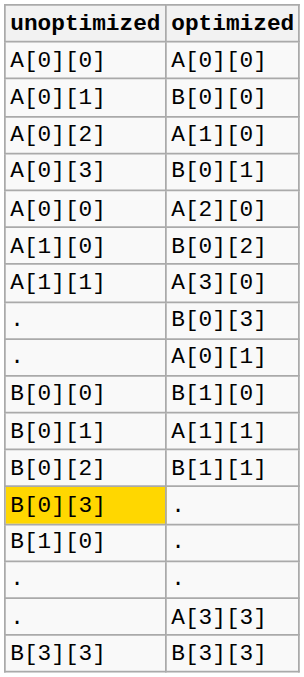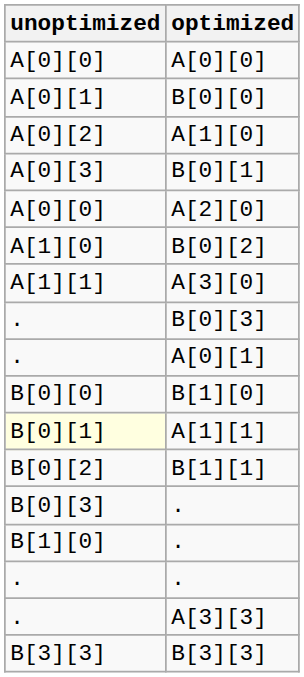 <table class="wikitable">
 <tr>
 <th>unoptimized</th>
 <th>optimized</th>
 </tr>
 <tr>
 <td>A[0][0]</td>
 <td>A[0][0]</td>
 </tr>
 <tr>
 <td>A[0][1]</td>
 <td>B[0][0]</td>
 </tr>
 <tr>
 <td>A[0][2]</td>
 <td>A[1][0]</td>
 </tr>
 <tr>
 <td>A[0][3]</td>
 <td>B[0][1]</td>
 </tr>
 <tr>
 <td>A[0][0]</td>
 <td>A[2][0]</td>
 </tr>
 <tr>
 <td>A[1][0]</td>
 <td>B[0][2]</td>
 </tr>
 <tr>
 <td>A[1][1]</td>
 <td>A[3][0]</td>
 </tr>
 <tr>
 <td>.</td>
 <td>B[0][3]</td>
 </tr>
 <tr>
 <td>.</td>
 <td>A[0][1]</td>
 </tr>
 <tr>
 <td>B[0][0]</td>
 <td>B[1][0]</td>
 </tr>
 <tr>
-<td>B[0][1]</td>
+<td style="background: lightyellow;">B[0][1]</td>
 <td>A[1][1]</td>
 </tr>
 <tr>
 <td>B[0][2]</td>
 <td>B[1][1]</td>
 </tr>
 <tr>
-<td style="background: gold;">B[0][3]</td>
+<td>B[0][3]</td>
 <td>.</td>
 </tr>
 <tr>
 <td>B[1][0]</td>
 <td>.</td>
 </tr>
 <tr>
 <td>.</td>
 <td>.</td>
 </tr>
 <tr>
 <td>.</td>
 <td>A[3][3]</td>
 </tr>
 <tr>
 <td>B[3][3]</td>
 <td>B[3][3]</td>
 </tr>
 </table>
